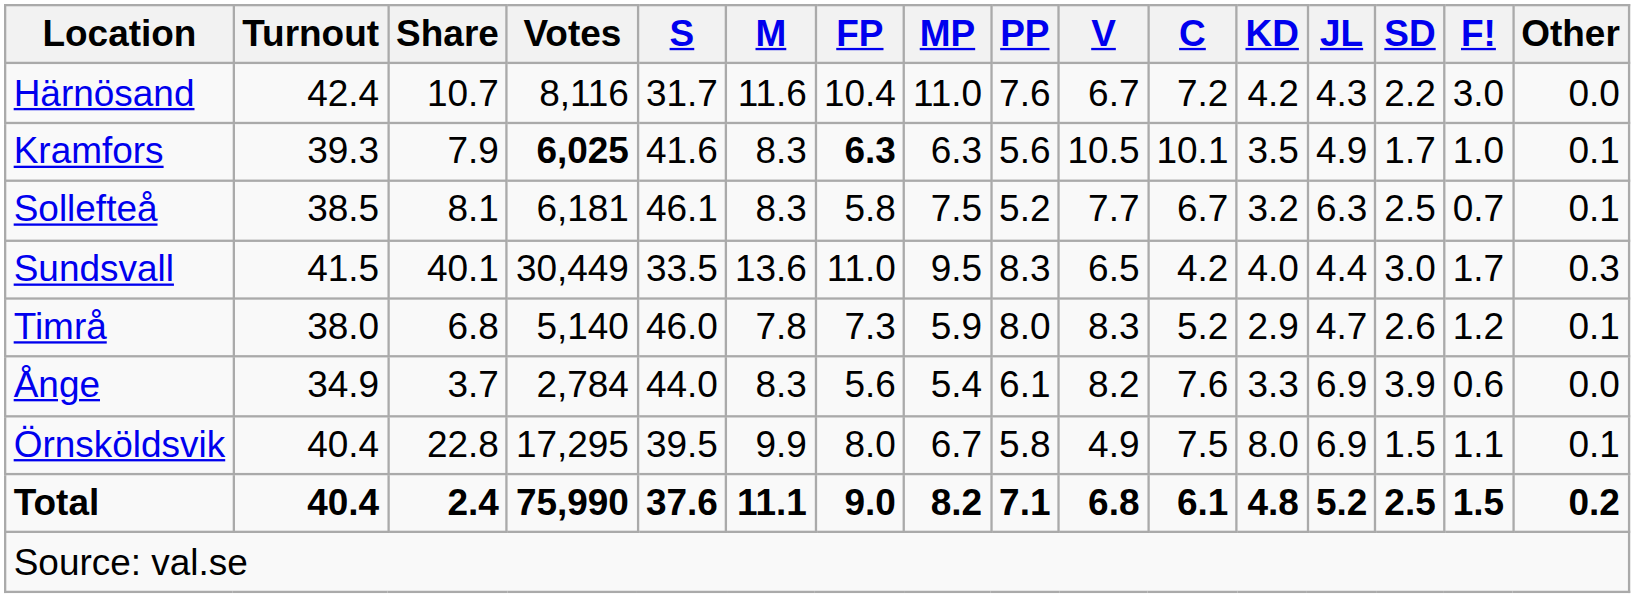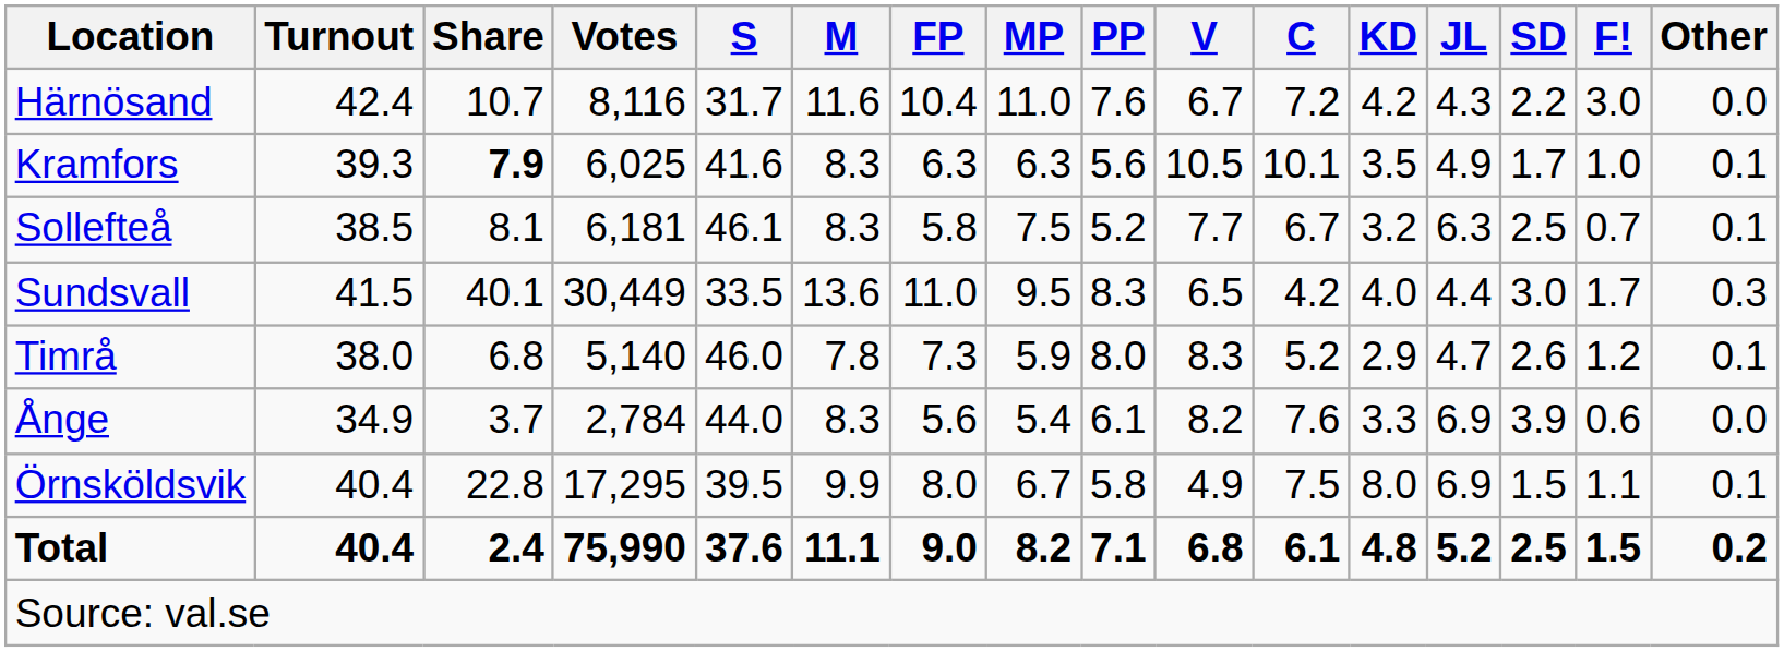 <table class="wikitable sortable" style=text-align:right>
 <tr>
 <th>Location</th>
 <th>Turnout</th>
 <th>Share</th>
 <th>Votes</th>
 <th><a href='#'>S</a></th>
 <th><a href='#'>M</a></th>
 <th><a href='#'>FP</a></th>
 <th><a href='#'>MP</a></th>
 <th><a href='#'>PP</a></th>
 <th><a href='#'>V</a></th>
 <th><a href='#'>C</a></th>
 <th><a href='#'>KD</a></th>
 <th><a href='#'>JL</a></th>
 <th><a href='#'>SD</a></th>
 <th><a href='#'>F!</a></th>
 <th>Other</th>
 </tr>
 <tr>
 <td align=left><a href='#'>Härnösand</a></td>
 <td>42.4</td>
 <td>10.7</td>
 <td>8,116</td>
 <td>31.7</td>
 <td>11.6</td>
 <td>10.4</td>
 <td>11.0</td>
 <td>7.6</td>
 <td>6.7</td>
 <td>7.2</td>
 <td>4.2</td>
 <td>4.3</td>
 <td>2.2</td>
 <td>3.0</td>
 <td>0.0</td>
 </tr>
 <tr>
 <td align=left><a href='#'>Kramfors</a></td>
 <td>39.3</td>
-<td>7.9</td>
-<td><strong>6,025</strong></td>
+<td><strong>7.9</strong></td>
+<td>6,025</td>
 <td>41.6</td>
 <td>8.3</td>
-<td><strong>6.3</strong></td>
+<td>6.3</td>
 <td>6.3</td>
 <td>5.6</td>
 <td>10.5</td>
 <td>10.1</td>
 <td>3.5</td>
 <td>4.9</td>
 <td>1.7</td>
 <td>1.0</td>
 <td>0.1</td>
 </tr>
 <tr>
 <td align=left><a href='#'>Sollefteå</a></td>
 <td>38.5</td>
 <td>8.1</td>
 <td>6,181</td>
 <td>46.1</td>
 <td>8.3</td>
 <td>5.8</td>
 <td>7.5</td>
 <td>5.2</td>
 <td>7.7</td>
 <td>6.7</td>
 <td>3.2</td>
 <td>6.3</td>
 <td>2.5</td>
 <td>0.7</td>
 <td>0.1</td>
 </tr>
 <tr>
 <td align=left><a href='#'>Sundsvall</a></td>
 <td>41.5</td>
 <td>40.1</td>
 <td>30,449</td>
 <td>33.5</td>
 <td>13.6</td>
 <td>11.0</td>
 <td>9.5</td>
 <td>8.3</td>
 <td>6.5</td>
 <td>4.2</td>
 <td>4.0</td>
 <td>4.4</td>
 <td>3.0</td>
 <td>1.7</td>
 <td>0.3</td>
 </tr>
 <tr>
 <td align=left><a href='#'>Timrå</a></td>
 <td>38.0</td>
 <td>6.8</td>
 <td>5,140</td>
 <td>46.0</td>
 <td>7.8</td>
 <td>7.3</td>
 <td>5.9</td>
 <td>8.0</td>
 <td>8.3</td>
 <td>5.2</td>
 <td>2.9</td>
 <td>4.7</td>
 <td>2.6</td>
 <td>1.2</td>
 <td>0.1</td>
 </tr>
 <tr>
 <td align=left><a href='#'>Ånge</a></td>
 <td>34.9</td>
 <td>3.7</td>
 <td>2,784</td>
 <td>44.0</td>
 <td>8.3</td>
 <td>5.6</td>
 <td>5.4</td>
 <td>6.1</td>
 <td>8.2</td>
 <td>7.6</td>
 <td>3.3</td>
 <td>6.9</td>
 <td>3.9</td>
 <td>0.6</td>
 <td>0.0</td>
 </tr>
 <tr>
 <td align=left><a href='#'>Örnsköldsvik</a></td>
 <td>40.4</td>
 <td>22.8</td>
 <td>17,295</td>
 <td>39.5</td>
 <td>9.9</td>
 <td>8.0</td>
 <td>6.7</td>
 <td>5.8</td>
 <td>4.9</td>
 <td>7.5</td>
 <td>8.0</td>
 <td>6.9</td>
 <td>1.5</td>
 <td>1.1</td>
 <td>0.1</td>
 </tr>
 <tr>
 <td align=left><strong>Total</strong></td>
 <td><strong>40.4</strong></td>
 <td><strong>2.4</strong></td>
 <td><strong>75,990</strong></td>
 <td><strong>37.6</strong></td>
 <td><strong>11.1</strong></td>
 <td><strong>9.0</strong></td>
 <td><strong>8.2</strong></td>
 <td><strong>7.1</strong></td>
 <td><strong>6.8</strong></td>
 <td><strong>6.1</strong></td>
 <td><strong>4.8</strong></td>
 <td><strong>5.2</strong></td>
 <td><strong>2.5</strong></td>
 <td><strong>1.5</strong></td>
 <td><strong>0.2</strong></td>
 </tr>
 <tr>
 <td align=left colspan=16>Source: val.se </td>
 </tr>
 </table>
